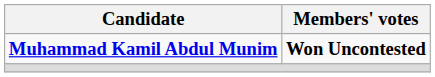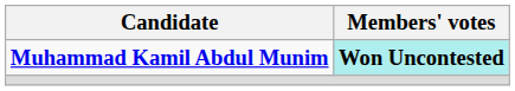 <table class="wikitable" style="text-align:center">
 <tr>
 <th>Candidate</th>
 <th>Members' votes</th>
 </tr>
 <tr>
 <td align=left><strong><a href='#'>Muhammad Kamil Abdul Munim</a></strong></td>
-<td><strong>Won Uncontested</strong></td>
+<td style="background: paleturquoise;"><strong>Won Uncontested</strong></td>
 </tr>
 <tr>
 <td colspan="2" bgcolor="dcdcdc"></td>
 </tr>
 </table>
